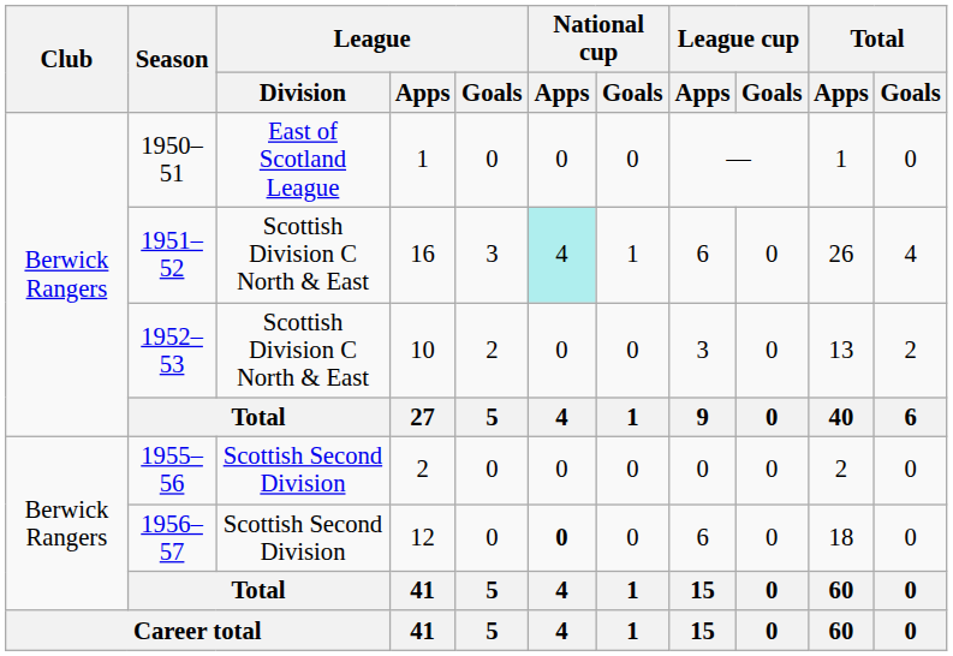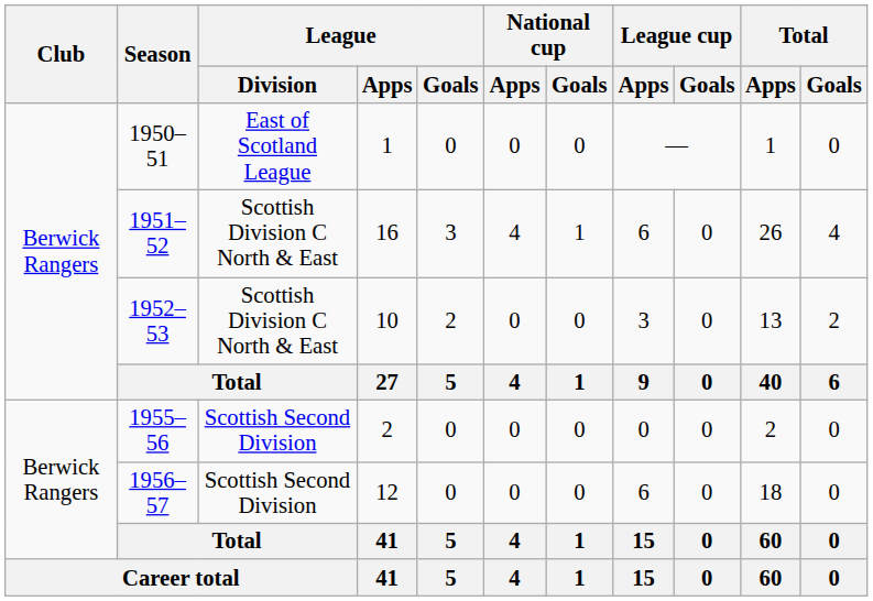 <table class="wikitable" style="text-align:center">
 <tr>
 <th rowspan="2">Club</th>
 <th rowspan="2">Season</th>
 <th colspan="3">League</th>
 <th colspan="2">National cup</th>
 <th colspan="2">League cup</th>
 <th colspan="2">Total</th>
 </tr>
 <tr>
 <th>Division</th>
 <th>Apps</th>
 <th>Goals</th>
 <th>Apps</th>
 <th>Goals</th>
 <th>Apps</th>
 <th>Goals</th>
 <th>Apps</th>
 <th>Goals</th>
 </tr>
 <tr>
 <td rowspan="4"><a href='#'>Berwick Rangers</a></td>
 <td>1950–51</td>
 <td><a href='#'>East of Scotland League</a></td>
 <td>1</td>
 <td>0</td>
 <td>0</td>
 <td>0</td>
 <td colspan="2">―</td>
 <td>1</td>
 <td>0</td>
 </tr>
 <tr>
 <td><a href='#'>1951–52</a></td>
 <td>Scottish Division C North & East</td>
 <td>16</td>
 <td>3</td>
-<td style="background: paleturquoise;">4</td>
+<td>4</td>
 <td>1</td>
 <td>6</td>
 <td>0</td>
 <td>26</td>
 <td>4</td>
 </tr>
 <tr>
 <td><a href='#'>1952–53</a></td>
 <td>Scottish Division C North & East</td>
 <td>10</td>
 <td>2</td>
 <td>0</td>
 <td>0</td>
 <td>3</td>
 <td>0</td>
 <td>13</td>
 <td>2</td>
 </tr>
 <tr>
 <th colspan="2">Total</th>
 <th>27</th>
 <th>5</th>
 <th>4</th>
 <th>1</th>
 <th>9</th>
 <th>0</th>
 <th>40</th>
 <th>6</th>
 </tr>
 <tr>
 <td rowspan="3">Berwick Rangers</td>
 <td><a href='#'>1955–56</a></td>
 <td><a href='#'>Scottish Second Division</a></td>
 <td>2</td>
 <td>0</td>
 <td>0</td>
 <td>0</td>
 <td>0</td>
 <td>0</td>
 <td>2</td>
 <td>0</td>
 </tr>
 <tr>
 <td><a href='#'>1956–57</a></td>
 <td>Scottish Second Division</td>
 <td>12</td>
 <td>0</td>
-<td><strong>0</strong></td>
+<td>0</td>
 <td>0</td>
 <td>6</td>
 <td>0</td>
 <td>18</td>
 <td>0</td>
 </tr>
 <tr>
 <th colspan="2">Total</th>
 <th>41</th>
 <th>5</th>
 <th>4</th>
 <th>1</th>
 <th>15</th>
 <th>0</th>
 <th>60</th>
 <th>0</th>
 </tr>
 <tr>
 <th colspan="3">Career total</th>
 <th>41</th>
 <th>5</th>
 <th>4</th>
 <th>1</th>
 <th>15</th>
 <th>0</th>
 <th>60</th>
 <th>0</th>
 </tr>
 </table>
